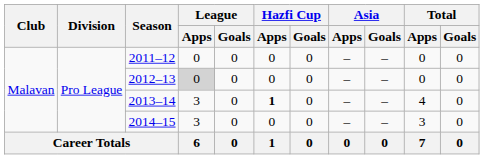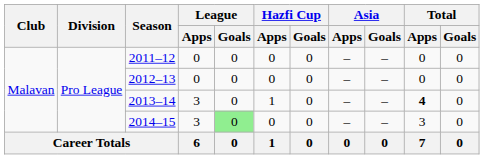 <table class="wikitable" style="text-align: center;">
 <tr>
 <th rowspan="2">Club</th>
 <th rowspan="2">Division</th>
 <th rowspan="2">Season</th>
 <th colspan="2">League</th>
 <th colspan="2"><a href='#'>Hazfi Cup</a></th>
 <th colspan="2"><a href='#'>Asia</a></th>
 <th colspan="2">Total</th>
 </tr>
 <tr>
 <th>Apps</th>
 <th>Goals</th>
 <th>Apps</th>
 <th>Goals</th>
 <th>Apps</th>
 <th>Goals</th>
 <th>Apps</th>
 <th>Goals</th>
 </tr>
 <tr>
 <td rowspan="4"><a href='#'>Malavan</a></td>
 <td rowspan="4"><a href='#'>Pro League</a></td>
 <td><a href='#'>2011–12</a></td>
 <td>0</td>
 <td>0</td>
 <td>0</td>
 <td>0</td>
 <td>–</td>
 <td>–</td>
 <td>0</td>
 <td>0</td>
 </tr>
 <tr>
 <td><a href='#'>2012–13</a></td>
-<td style="background: lightgrey;">0</td>
+<td>0</td>
 <td>0</td>
 <td>0</td>
 <td>0</td>
 <td>–</td>
 <td>–</td>
 <td>0</td>
 <td>0</td>
 </tr>
 <tr>
 <td><a href='#'>2013–14</a></td>
 <td>3</td>
 <td>0</td>
-<td><strong>1</strong></td>
+<td>1</td>
 <td>0</td>
 <td>–</td>
 <td>–</td>
-<td>4</td>
+<td><strong>4</strong></td>
 <td>0</td>
 </tr>
 <tr>
 <td><a href='#'>2014–15</a></td>
 <td>3</td>
-<td>0</td>
+<td style="background: lightgreen;">0</td>
 <td>0</td>
 <td>0</td>
 <td>–</td>
 <td>–</td>
 <td>3</td>
 <td>0</td>
 </tr>
 <tr>
 <th colspan=3>Career Totals</th>
 <th>6</th>
 <th>0</th>
 <th>1</th>
 <th>0</th>
 <th>0</th>
 <th>0</th>
 <th>7</th>
 <th>0</th>
 </tr>
 </table>
